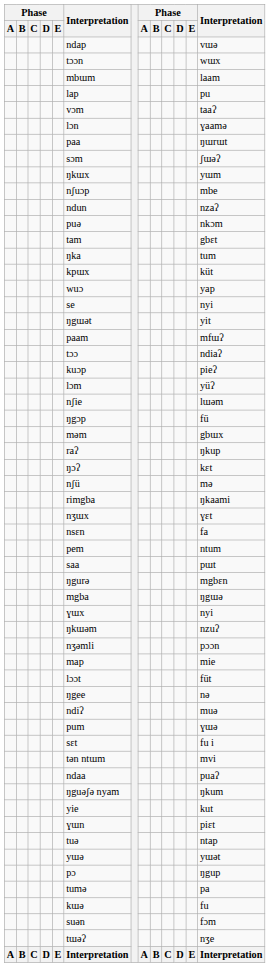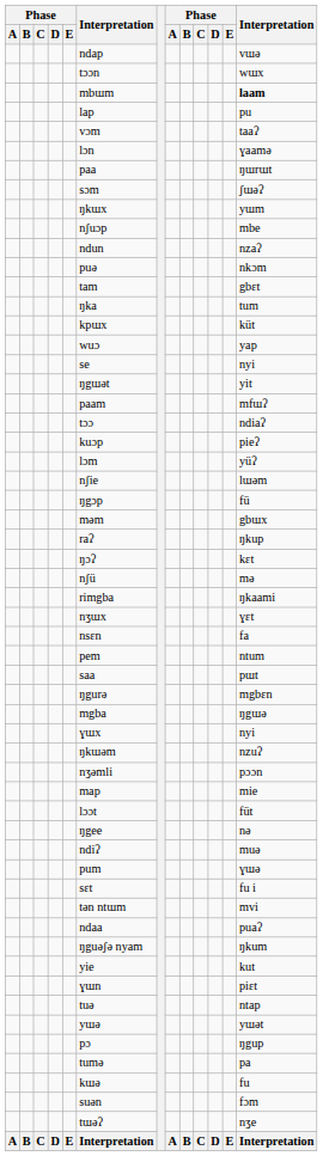 <table class="wikitable Unicode mw-collapsible mw-collapsed" style="border-collapse:collapse;">
 <tr>
 <th colspan="5">Phase</th>
 <th rowspan="2">Interpretation</th>
 <th rowspan="59"> </th>
 <th colspan="5">Phase</th>
 <th rowspan="2">Interpretation</th>
 </tr>
 <tr>
 <th>A</th>
 <th>B</th>
 <th>C</th>
 <th>D</th>
 <th>E</th>
 <th>A</th>
 <th>B</th>
 <th>C</th>
 <th>D</th>
 <th>E</th>
 </tr>
 <tr>
 <td></td>
 <td></td>
 <td></td>
 <td></td>
 <td></td>
 <td>ndap</td>
 <td></td>
 <td></td>
 <td></td>
 <td></td>
 <td></td>
 <td>vɯə</td>
 </tr>
 <tr>
 <td></td>
 <td></td>
 <td></td>
 <td></td>
 <td></td>
 <td>tɔɔn</td>
 <td></td>
 <td></td>
 <td></td>
 <td></td>
 <td></td>
 <td>wɯx</td>
 </tr>
 <tr>
 <td></td>
 <td></td>
 <td></td>
 <td></td>
 <td></td>
 <td>mbɯm</td>
 <td></td>
 <td></td>
 <td></td>
 <td></td>
 <td></td>
-<td>laam</td>
+<td><strong>laam</strong></td>
 </tr>
 <tr>
 <td></td>
 <td></td>
 <td></td>
 <td></td>
 <td></td>
 <td>lap</td>
 <td></td>
 <td></td>
 <td></td>
 <td></td>
 <td></td>
 <td>pu</td>
 </tr>
 <tr>
 <td></td>
 <td></td>
 <td></td>
 <td></td>
 <td></td>
 <td>vɔm</td>
 <td></td>
 <td></td>
 <td></td>
 <td></td>
 <td></td>
 <td>taaʔ</td>
 </tr>
 <tr>
 <td></td>
 <td></td>
 <td></td>
 <td></td>
 <td></td>
 <td>lɔn</td>
 <td></td>
 <td></td>
 <td></td>
 <td></td>
 <td></td>
 <td>ɣaamə</td>
 </tr>
 <tr>
 <td></td>
 <td></td>
 <td></td>
 <td></td>
 <td></td>
 <td>paa</td>
 <td></td>
 <td></td>
 <td></td>
 <td></td>
 <td></td>
 <td>ŋɯrɯt</td>
 </tr>
 <tr>
 <td></td>
 <td></td>
 <td></td>
 <td></td>
 <td></td>
 <td>sɔm</td>
 <td></td>
 <td></td>
 <td></td>
 <td></td>
 <td></td>
 <td>ʃɯəʔ</td>
 </tr>
 <tr>
 <td></td>
 <td></td>
 <td></td>
 <td></td>
 <td></td>
 <td>ŋkɯx</td>
 <td></td>
 <td></td>
 <td></td>
 <td></td>
 <td></td>
 <td>yɯm</td>
 </tr>
 <tr>
 <td></td>
 <td></td>
 <td></td>
 <td></td>
 <td></td>
 <td>nʃuɔp</td>
 <td></td>
 <td></td>
 <td></td>
 <td></td>
 <td></td>
 <td>mbe</td>
 </tr>
 <tr>
 <td></td>
 <td></td>
 <td></td>
 <td></td>
 <td></td>
 <td>ndun</td>
 <td></td>
 <td></td>
 <td></td>
 <td></td>
 <td></td>
 <td>nzaʔ</td>
 </tr>
 <tr>
 <td></td>
 <td></td>
 <td></td>
 <td></td>
 <td></td>
 <td>puə</td>
 <td></td>
 <td></td>
 <td></td>
 <td></td>
 <td></td>
 <td>nkɔm</td>
 </tr>
 <tr>
 <td></td>
 <td></td>
 <td></td>
 <td></td>
 <td></td>
 <td>tam</td>
 <td></td>
 <td></td>
 <td></td>
 <td></td>
 <td></td>
 <td>gbɛt</td>
 </tr>
 <tr>
 <td></td>
 <td></td>
 <td></td>
 <td></td>
 <td></td>
 <td>ŋka</td>
 <td></td>
 <td></td>
 <td></td>
 <td></td>
 <td></td>
 <td>tum</td>
 </tr>
 <tr>
 <td></td>
 <td></td>
 <td></td>
 <td></td>
 <td></td>
 <td>kpɯx</td>
 <td></td>
 <td></td>
 <td></td>
 <td></td>
 <td></td>
 <td>küt</td>
 </tr>
 <tr>
 <td></td>
 <td></td>
 <td></td>
 <td></td>
 <td></td>
 <td>wuɔ</td>
 <td></td>
 <td></td>
 <td></td>
 <td></td>
 <td></td>
 <td>yap</td>
 </tr>
 <tr>
 <td></td>
 <td></td>
 <td></td>
 <td></td>
 <td></td>
 <td>se</td>
 <td></td>
 <td></td>
 <td></td>
 <td></td>
 <td></td>
 <td>nyi</td>
 </tr>
 <tr>
 <td></td>
 <td></td>
 <td></td>
 <td></td>
 <td></td>
 <td>ŋgɯət</td>
 <td></td>
 <td></td>
 <td></td>
 <td></td>
 <td></td>
 <td>yit</td>
 </tr>
 <tr>
 <td></td>
 <td></td>
 <td></td>
 <td></td>
 <td></td>
 <td>paam</td>
 <td></td>
 <td></td>
 <td></td>
 <td></td>
 <td></td>
 <td>mfɯʔ</td>
 </tr>
 <tr>
 <td></td>
 <td></td>
 <td></td>
 <td></td>
 <td></td>
 <td>tɔɔ</td>
 <td></td>
 <td></td>
 <td></td>
 <td></td>
 <td></td>
 <td>ndiaʔ</td>
 </tr>
 <tr>
 <td></td>
 <td></td>
 <td></td>
 <td></td>
 <td></td>
 <td>kuɔp</td>
 <td></td>
 <td></td>
 <td></td>
 <td></td>
 <td></td>
 <td>pieʔ</td>
 </tr>
 <tr>
 <td></td>
 <td></td>
 <td></td>
 <td></td>
 <td></td>
 <td>lɔm</td>
 <td></td>
 <td></td>
 <td></td>
 <td></td>
 <td></td>
 <td>yüʔ</td>
 </tr>
 <tr>
 <td></td>
 <td></td>
 <td></td>
 <td></td>
 <td></td>
 <td>nʃie</td>
 <td></td>
 <td></td>
 <td></td>
 <td></td>
 <td></td>
 <td>lɯəm</td>
 </tr>
 <tr>
 <td></td>
 <td></td>
 <td></td>
 <td></td>
 <td></td>
 <td>ŋgɔp</td>
 <td></td>
 <td></td>
 <td></td>
 <td></td>
 <td></td>
 <td>fü</td>
 </tr>
 <tr>
 <td></td>
 <td></td>
 <td></td>
 <td></td>
 <td></td>
 <td>məm</td>
 <td></td>
 <td></td>
 <td></td>
 <td></td>
 <td></td>
 <td>gbɯx</td>
 </tr>
 <tr>
 <td></td>
 <td></td>
 <td></td>
 <td></td>
 <td></td>
 <td>raʔ</td>
 <td></td>
 <td></td>
 <td></td>
 <td></td>
 <td></td>
 <td>ŋkup</td>
 </tr>
 <tr>
 <td></td>
 <td></td>
 <td></td>
 <td></td>
 <td></td>
 <td>ŋɔʔ</td>
 <td></td>
 <td></td>
 <td></td>
 <td></td>
 <td></td>
 <td>kɛt</td>
 </tr>
 <tr>
 <td></td>
 <td></td>
 <td></td>
 <td></td>
 <td></td>
 <td>nʃü</td>
 <td></td>
 <td></td>
 <td></td>
 <td></td>
 <td></td>
 <td>mə</td>
 </tr>
 <tr>
 <td></td>
 <td></td>
 <td></td>
 <td></td>
 <td></td>
 <td>rimgba</td>
 <td></td>
 <td></td>
 <td></td>
 <td></td>
 <td></td>
 <td>ŋkaami</td>
 </tr>
 <tr>
 <td></td>
 <td></td>
 <td></td>
 <td></td>
 <td></td>
 <td>nʒɯx</td>
 <td></td>
 <td></td>
 <td></td>
 <td></td>
 <td></td>
 <td>ɣɛt</td>
 </tr>
 <tr>
 <td></td>
 <td></td>
 <td></td>
 <td></td>
 <td></td>
 <td>nsɛn</td>
 <td></td>
 <td></td>
 <td></td>
 <td></td>
 <td></td>
 <td>fa</td>
 </tr>
 <tr>
 <td></td>
 <td></td>
 <td></td>
 <td></td>
 <td></td>
 <td>pem</td>
 <td></td>
 <td></td>
 <td></td>
 <td></td>
 <td></td>
 <td>ntum</td>
 </tr>
 <tr>
 <td></td>
 <td></td>
 <td></td>
 <td></td>
 <td></td>
 <td>saa</td>
 <td></td>
 <td></td>
 <td></td>
 <td></td>
 <td></td>
 <td>pɯt</td>
 </tr>
 <tr>
 <td></td>
 <td></td>
 <td></td>
 <td></td>
 <td></td>
 <td>ŋgurə</td>
 <td></td>
 <td></td>
 <td></td>
 <td></td>
 <td></td>
 <td>mgbɛn</td>
 </tr>
 <tr>
 <td></td>
 <td></td>
 <td></td>
 <td></td>
 <td></td>
 <td>mgba</td>
 <td></td>
 <td></td>
 <td></td>
 <td></td>
 <td></td>
 <td>ŋgɯə</td>
 </tr>
 <tr>
 <td></td>
 <td></td>
 <td></td>
 <td></td>
 <td></td>
 <td>ɣɯx</td>
 <td></td>
 <td></td>
 <td></td>
 <td></td>
 <td></td>
 <td>nyi</td>
 </tr>
 <tr>
 <td></td>
 <td></td>
 <td></td>
 <td></td>
 <td></td>
 <td>ŋkɯəm</td>
 <td></td>
 <td></td>
 <td></td>
 <td></td>
 <td></td>
 <td>nzuʔ</td>
 </tr>
 <tr>
 <td></td>
 <td></td>
 <td></td>
 <td></td>
 <td></td>
 <td>nʒəmli</td>
 <td></td>
 <td></td>
 <td></td>
 <td></td>
 <td></td>
 <td>pɔɔn</td>
 </tr>
 <tr>
 <td></td>
 <td></td>
 <td></td>
 <td></td>
 <td></td>
 <td>map</td>
 <td></td>
 <td></td>
 <td></td>
 <td></td>
 <td></td>
 <td>mie</td>
 </tr>
 <tr>
 <td></td>
 <td></td>
 <td></td>
 <td></td>
 <td></td>
 <td>lɔɔt</td>
 <td></td>
 <td></td>
 <td></td>
 <td></td>
 <td></td>
 <td>füt</td>
 </tr>
 <tr>
 <td></td>
 <td></td>
 <td></td>
 <td></td>
 <td></td>
 <td>ŋgee</td>
 <td></td>
 <td></td>
 <td></td>
 <td></td>
 <td></td>
 <td>nə</td>
 </tr>
 <tr>
 <td></td>
 <td></td>
 <td></td>
 <td></td>
 <td></td>
 <td>ndiʔ</td>
 <td></td>
 <td></td>
 <td></td>
 <td></td>
 <td></td>
 <td>muə</td>
 </tr>
 <tr>
 <td></td>
 <td></td>
 <td></td>
 <td></td>
 <td></td>
 <td>pum</td>
 <td></td>
 <td></td>
 <td></td>
 <td></td>
 <td></td>
 <td>ɣɯə</td>
 </tr>
 <tr>
 <td></td>
 <td></td>
 <td></td>
 <td></td>
 <td></td>
 <td>sɛt</td>
 <td></td>
 <td></td>
 <td></td>
 <td></td>
 <td></td>
 <td>fu i</td>
 </tr>
 <tr>
 <td></td>
 <td></td>
 <td></td>
 <td></td>
 <td></td>
 <td>tən ntɯm</td>
 <td></td>
 <td></td>
 <td></td>
 <td></td>
 <td></td>
 <td>mvi</td>
 </tr>
 <tr>
 <td></td>
 <td></td>
 <td></td>
 <td></td>
 <td></td>
 <td>ndaa</td>
 <td></td>
 <td></td>
 <td></td>
 <td></td>
 <td></td>
 <td>puaʔ</td>
 </tr>
 <tr>
 <td></td>
 <td></td>
 <td></td>
 <td></td>
 <td></td>
 <td>ŋguəʃə nyam</td>
 <td></td>
 <td></td>
 <td></td>
 <td></td>
 <td></td>
 <td>ŋkum</td>
 </tr>
 <tr>
 <td></td>
 <td></td>
 <td></td>
 <td></td>
 <td></td>
 <td>yie</td>
 <td></td>
 <td></td>
 <td></td>
 <td></td>
 <td></td>
 <td>kut</td>
 </tr>
 <tr>
 <td></td>
 <td></td>
 <td></td>
 <td></td>
 <td></td>
 <td>ɣɯn</td>
 <td></td>
 <td></td>
 <td></td>
 <td></td>
 <td></td>
 <td>piɛt</td>
 </tr>
 <tr>
 <td></td>
 <td></td>
 <td></td>
 <td></td>
 <td></td>
 <td>tuə</td>
 <td></td>
 <td></td>
 <td></td>
 <td></td>
 <td></td>
 <td>ntap</td>
 </tr>
 <tr>
 <td></td>
 <td></td>
 <td></td>
 <td></td>
 <td></td>
 <td>yɯə</td>
 <td></td>
 <td></td>
 <td></td>
 <td></td>
 <td></td>
 <td>yɯət</td>
 </tr>
 <tr>
 <td></td>
 <td></td>
 <td></td>
 <td></td>
 <td></td>
 <td>pɔ</td>
 <td></td>
 <td></td>
 <td></td>
 <td></td>
 <td></td>
 <td>ŋgup</td>
 </tr>
 <tr>
 <td></td>
 <td></td>
 <td></td>
 <td></td>
 <td></td>
 <td>tumə</td>
 <td></td>
 <td></td>
 <td></td>
 <td></td>
 <td></td>
 <td>pa</td>
 </tr>
 <tr>
 <td></td>
 <td></td>
 <td></td>
 <td></td>
 <td></td>
 <td>kɯə</td>
 <td></td>
 <td></td>
 <td></td>
 <td></td>
 <td></td>
 <td>fu</td>
 </tr>
 <tr>
 <td></td>
 <td></td>
 <td></td>
 <td></td>
 <td></td>
 <td>suən</td>
 <td></td>
 <td></td>
 <td></td>
 <td></td>
 <td></td>
 <td>fɔm</td>
 </tr>
 <tr>
 <td></td>
 <td></td>
 <td></td>
 <td></td>
 <td></td>
 <td>tɯəʔ</td>
 <td></td>
 <td></td>
 <td></td>
 <td></td>
 <td></td>
 <td>nʒe</td>
 </tr>
 <tr>
 <th>A</th>
 <th>B</th>
 <th>C</th>
 <th>D</th>
 <th>E</th>
 <th>Interpretation</th>
 <th>A</th>
 <th>B</th>
 <th>C</th>
 <th>D</th>
 <th>E</th>
 <th>Interpretation</th>
 </tr>
 </table>
